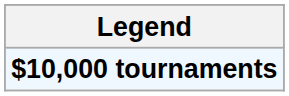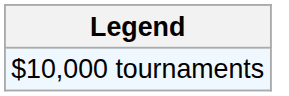 <table class="wikitable" style="font-size:90%">
 <tr>
 <th>Legend</th>
 </tr>
 <tr style="background:#f0f8ff;">
-<td><strong>$10,000 tournaments</strong></td>
+<td>$10,000 tournaments</td>
 </tr>
 </table>
